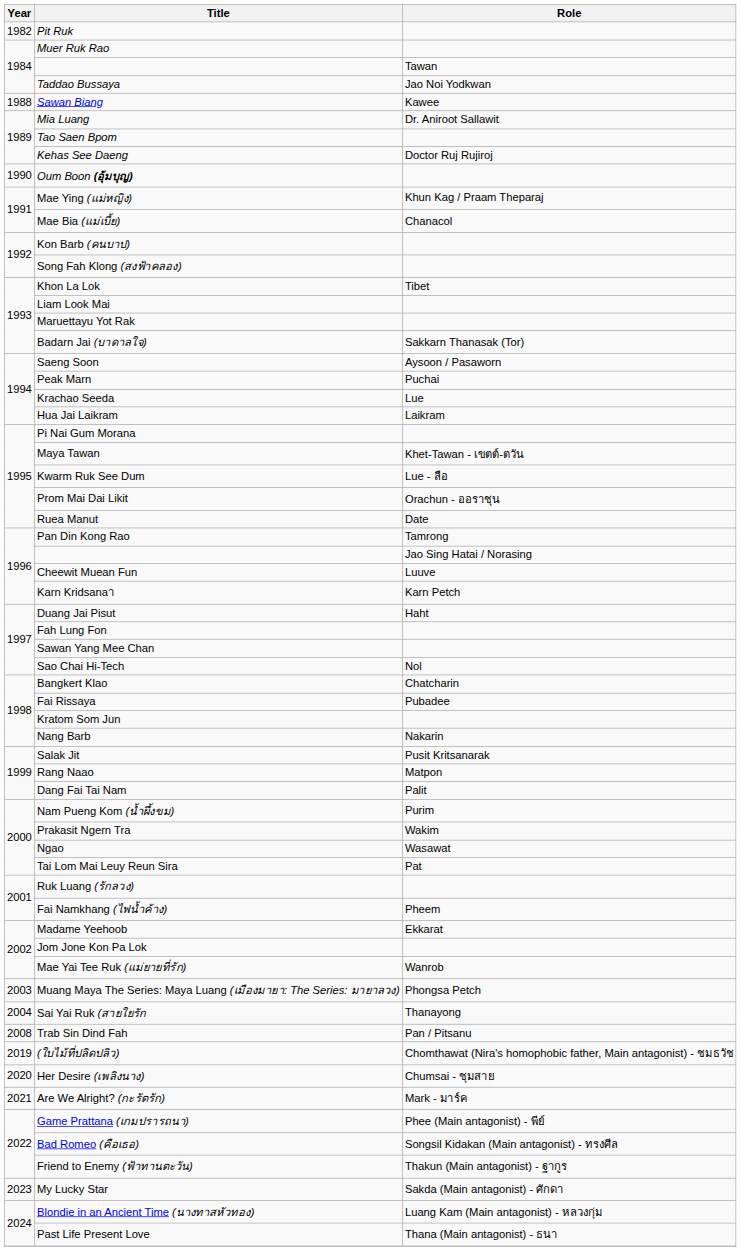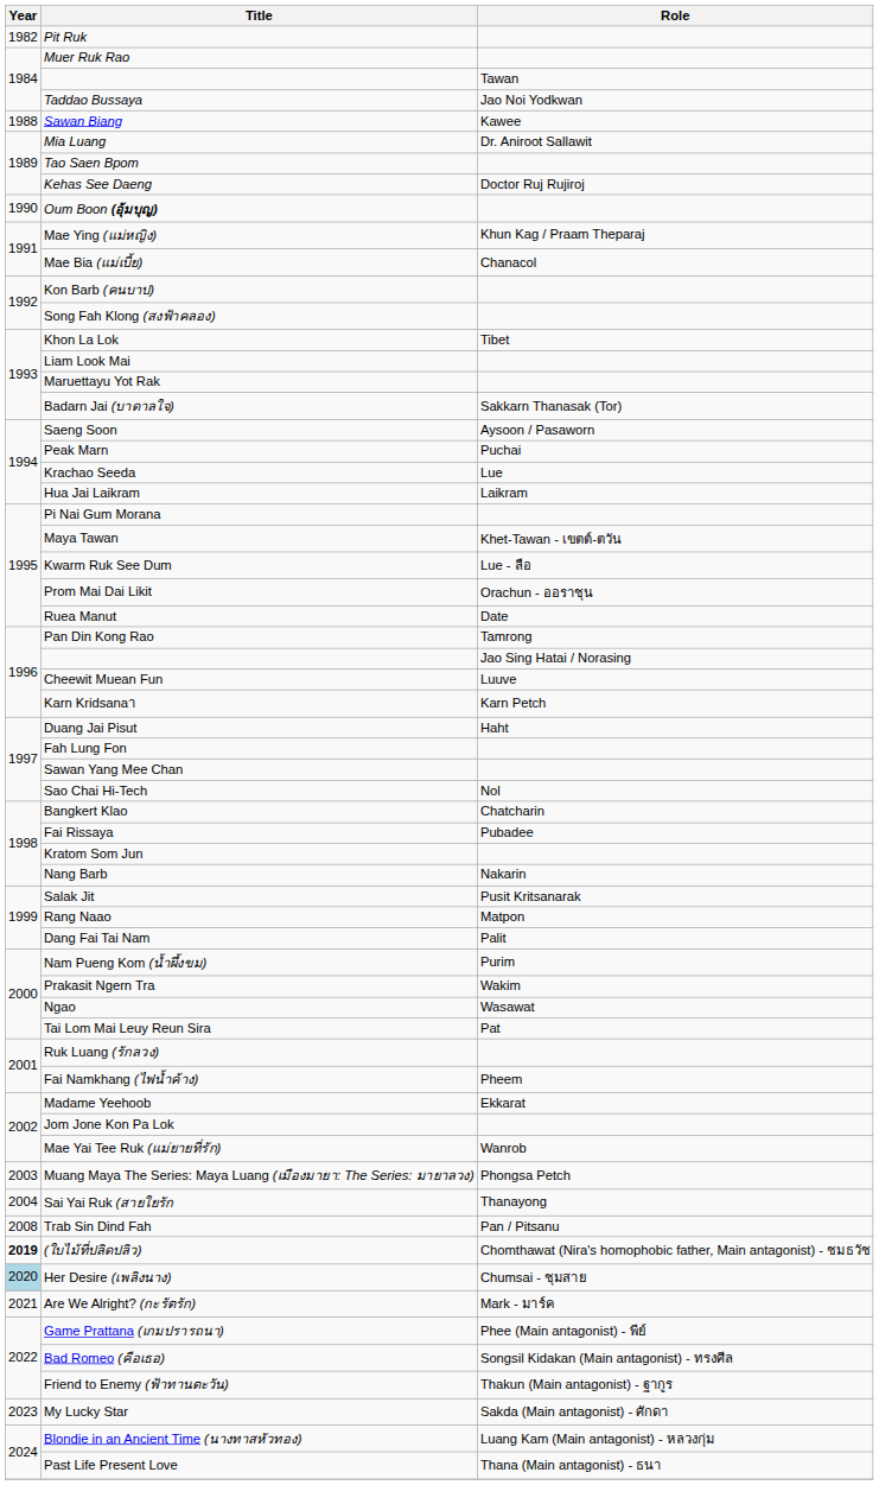 <table class="wikitable" style="font-size: 100%;">
 <tr>
 <th>Year</th>
 <th>Title</th>
 <th>Role</th>
 </tr>
 <tr>
 <td>1982</td>
 <td><em>Pit Ruk</em></td>
 <td></td>
 </tr>
 <tr>
 <td rowspan="3">1984</td>
 <td><em>Muer Ruk Rao</em></td>
 <td></td>
 </tr>
 <tr>
 <td><em></em></td>
 <td>Tawan</td>
 </tr>
 <tr>
 <td><em>Taddao Bussaya</em></td>
 <td>Jao Noi Yodkwan</td>
 </tr>
 <tr>
 <td>1988</td>
 <td><em><a href='#'>Sawan Biang</a></em></td>
 <td>Kawee</td>
 </tr>
 <tr>
 <td rowspan="3">1989</td>
 <td><em>Mia Luang</em></td>
 <td>Dr. Aniroot Sallawit</td>
 </tr>
 <tr>
 <td><em>Tao Saen Bpom</em></td>
 <td></td>
 </tr>
 <tr>
 <td><em>Kehas See Daeng</em></td>
 <td>Doctor Ruj Rujiroj</td>
 </tr>
 <tr>
 <td rowspan="1">1990</td>
 <td><em>Oum Boon<strong> (อุ้มบุญ)</td>
 <td></td>
 </tr>
 <tr>
 <td rowspan="2">1991</td>
 <td></em> Mae Ying<em> (แม่หญิง)</td>
 <td>Khun Kag / Praam Theparaj</td>
 </tr>
 <tr>
 <td></em> Mae Bia<em> (แม่เบี้ย)</td>
 <td>Chanacol</td>
 </tr>
 <tr>
 <td rowspan="2">1992</td>
 <td></em>Kon Barb<em> (คนบาป)</td>
 <td></td>
 </tr>
 <tr>
 <td></em>Song Fah Klong<em> (สงฟ้าคลอง)</td>
 <td></td>
 </tr>
 <tr>
 <td rowspan="4">1993</td>
 <td></em>Khon La Lok<em></td>
 <td>Tibet</td>
 </tr>
 <tr>
 <td></em>Liam Look Mai<em></td>
 <td></td>
 </tr>
 <tr>
 <td></em>Maruettayu Yot Rak<em></td>
 <td></td>
 </tr>
 <tr>
 <td></em>Badarn Jai<em> (บาดาลใจ)</td>
 <td>Sakkarn Thanasak (Tor)</td>
 </tr>
 <tr>
 <td rowspan="4">1994</td>
 <td></em>Saeng Soon<em></td>
 <td>Aysoon / Pasaworn</td>
 </tr>
 <tr>
 <td></em>Peak Marn<em></td>
 <td>Puchai</td>
 </tr>
 <tr>
 <td></em>Krachao Seeda<em></td>
 <td>Lue</td>
 </tr>
 <tr>
 <td></em>Hua Jai Laikram<em></td>
 <td>Laikram</td>
 </tr>
 <tr>
 <td rowspan="5">1995</td>
 <td></em>Pi Nai Gum Morana <em></td>
 </tr>
 <tr>
 <td></em>Maya Tawan<em></td>
 <td>Khet-Tawan - เขตต์-ตวัน</td>
 </tr>
 <tr>
 <td></em>Kwarm Ruk See Dum<em></td>
 <td>Lue - ลือ</td>
 </tr>
 <tr>
 <td></em>Prom Mai Dai Likit <em></td>
 <td>Orachun - ออราชุน</td>
 </tr>
 <tr>
 <td></em>Ruea Manut<em></td>
 <td>Date</td>
 </tr>
 <tr>
 <td rowspan="4">1996</td>
 <td></em>Pan Din Kong Rao<em></td>
 <td>Tamrong</td>
 </tr>
 <tr>
 <td></em><em></td>
 <td>Jao Sing Hatai / Norasing</td>
 </tr>
 <tr>
 <td></em>Cheewit Muean Fun<em></td>
 <td>Luuve</td>
 </tr>
 <tr>
 <td></em>Karn Kridsanaา<em></td>
 <td>Karn Petch</td>
 </tr>
 <tr>
 <td rowspan="4">1997</td>
 <td></em>Duang Jai Pisut<em></td>
 <td>Haht</td>
 </tr>
 <tr>
 <td></em>Fah Lung Fon<em></td>
 <td></td>
 </tr>
 <tr>
 <td></em>Sawan Yang Mee Chan<em></td>
 <td></td>
 </tr>
 <tr>
 <td></em>Sao Chai Hi-Tech<em></td>
 <td>Nol</td>
 </tr>
 <tr>
 <td rowspan="4">1998</td>
 <td></em>Bangkert Klao<em></td>
 <td>Chatcharin</td>
 </tr>
 <tr>
 <td></em>Fai Rissaya<em></td>
 <td>Pubadee</td>
 </tr>
 <tr>
 <td></em>Kratom Som Jun<em></td>
 <td></td>
 </tr>
 <tr>
 <td></em>Nang Barb<em></td>
 <td>Nakarin</td>
 </tr>
 <tr>
 <td rowspan="3">1999</td>
 <td></em>Salak Jit<em></td>
 <td>Pusit Kritsanarak</td>
 </tr>
 <tr>
 <td></em>Rang Naao<em></td>
 <td>Matpon</td>
 </tr>
 <tr>
 <td></em>Dang Fai Tai Nam<em></td>
 <td>Palit</td>
 </tr>
 <tr>
 <td rowspan="4">2000</td>
 <td></em>Nam Pueng Kom<em> (น้ำผึ้งขม)</td>
 <td>Purim</td>
 </tr>
 <tr>
 <td></em>Prakasit Ngern Tra<em></td>
 <td>Wakim</td>
 </tr>
 <tr>
 <td></em>Ngao<em></td>
 <td>Wasawat</td>
 </tr>
 <tr>
 <td></em>Tai Lom Mai Leuy Reun Sira<em></td>
 <td>Pat</td>
 </tr>
 <tr>
 <td rowspan="2">2001</td>
 <td></em>Ruk Luang<em> (รักลวง)</td>
 <td></td>
 </tr>
 <tr>
 <td></em>Fai Namkhang<em> (ไฟน้ำค้าง)</td>
 <td>Pheem</td>
 </tr>
 <tr>
 <td rowspan="3">2002</td>
 <td></em>Madame Yeehoob<em></td>
 <td>Ekkarat</td>
 </tr>
 <tr>
 <td></em>Jom Jone Kon Pa Lok<em></td>
 <td></td>
 </tr>
 <tr>
 <td></em>Mae Yai Tee Ruk<em> (แม่ยายที่รัก)</td>
 <td>Wanrob</td>
 </tr>
 <tr>
 <td>2003</td>
 <td></em>Muang Maya The Series: Maya Luang<em> (เมืองมายา: The Series: มายาลวง)</td>
 <td></em>Phongsa Petch<em></td>
 </tr>
 <tr>
 <td>2004</td>
 <td></em>Sai Yai Ruk<em> (สายใยรัก</td>
 <td>Thanayong</td>
 </tr>
 <tr>
 <td>2008</td>
 <td></em>Trab Sin Dind Fah<em></td>
 <td>Pan / Pitsanu</td>
 </tr>
 <tr>
-<td>2019</td>
+<td><strong>2019</strong></td>
 <td></em><em> (ใบไม้ที่ปลิดปลิว)</td>
 <td>Chomthawat (Nira's homophobic father, Main antagonist) - ชมธวัช</td>
 </tr>
 <tr>
-<td>2020</td>
+<td style="background: lightblue;">2020</td>
 <td></em>Her Desire<em> (เพลิงนาง)</td>
 <td>Chumsai - ชุมสาย</td>
 </tr>
 <tr>
 <td>2021</td>
 <td></em>Are We Alright?<em> (กะรัตรัก)</td>
 <td>Mark - มาร์ค</td>
 </tr>
 <tr>
 <td rowspan="3">2022</td>
 <td></em><a href='#'>Game Prattana</a><em> (เกมปรารถนา)</td>
 <td>Phee (Main antagonist) - พีย์</td>
 </tr>
 <tr>
 <td></em><a href='#'>Bad Romeo</a><em> (คือเธอ)</td>
 <td>Songsil Kidakan (Main antagonist) - ทรงศีล</td>
 </tr>
 <tr>
 <td></em>Friend to Enemy<em> (ฟ้าทานตะวัน)</td>
 <td>Thakun (Main antagonist) - ฐากูร</td>
 </tr>
 <tr>
 <td>2023</td>
 <td></em>My Lucky Star<em></td>
 <td>Sakda (Main antagonist) - ศักดา</td>
 </tr>
 <tr>
 <td rowspan="2">2024</td>
 <td></em><a href='#'>Blondie in an Ancient Time</a><em> (นางทาสหัวทอง)</td>
 <td>Luang Kam (Main antagonist) - หลวงกุ่ม </td>
 </tr>
 <tr>
 <td></em>Past Life Present Love<em></td>
 <td>Thana (Main antagonist) - ธนา</td>
 </tr>
 <tr>
 </tr>
 </table>
